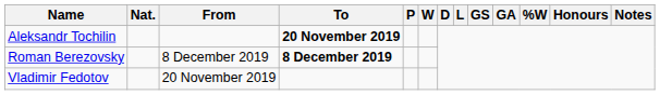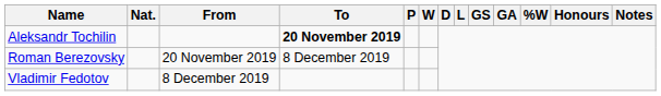 <table class="wikitable sortable" style="text-align: center">
 <tr>
 <th>Name</th>
 <th>Nat.</th>
 <th class="unsortable">From</th>
 <th class="unsortable">To</th>
 <th abbr="TOTAL OF MATCHES PLAYED">P</th>
 <th abbr="MATCHES WON">W</th>
 <th abbr="MATCHES DRAWN">D</th>
 <th abbr="MATCHES LOST">L</th>
 <th abbr="GOALS SCORED">GS</th>
 <th abbr="GOAL AGAINST">GA</th>
 <th abbr="PERCENTAGE OF MATCHES WON">%W</th>
 <th abbr="HONOURS">Honours</th>
 <th abbr="NOTES">Notes</th>
 </tr>
 <tr>
 <td align=left><a href='#'>Aleksandr Tochilin</a></td>
 <td align=left></td>
 <td align=left></td>
 <td align=left><strong>20 November 2019<br></strong></td>
 <td style="text-align:left;font-size:smaller"></td>
 <td></td>
 </tr>
 <tr>
 <td align=left><a href='#'>Roman Berezovsky</a> </td>
 <td align=left></td>
-<td align=left>8 December 2019</td>
-<td align=left><strong>8 December 2019<br></strong></td>
+<td align=left>20 November 2019</td>
+<td align=left>8 December 2019<br></td>
 <td style="text-align:left;font-size:smaller"></td>
 <td></td>
 </tr>
 <tr>
 <td align=left><a href='#'>Vladimir Fedotov</a></td>
 <td align=left></td>
-<td align=left>20 November 2019</td>
+<td align=left>8 December 2019</td>
 <td align=left><br></td>
 <td style="text-align:left;font-size:smaller"></td>
 <td></td>
 </tr>
 </table>
